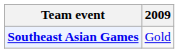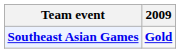 <table style='font-size: 90%; text-align:center;' class='wikitable'>
 <tr>
 <th>Team event</th>
 <th>2009</th>
 </tr>
 <tr>
 <td bgcolor="#ECF2FF"; align="left"><strong><a href='#'>Southeast Asian Games</a></strong></td>
-<td> <a href='#'>Gold</a></td>
+<td><strong> <a href='#'>Gold</a></strong></td>
 </tr>
 </table>
